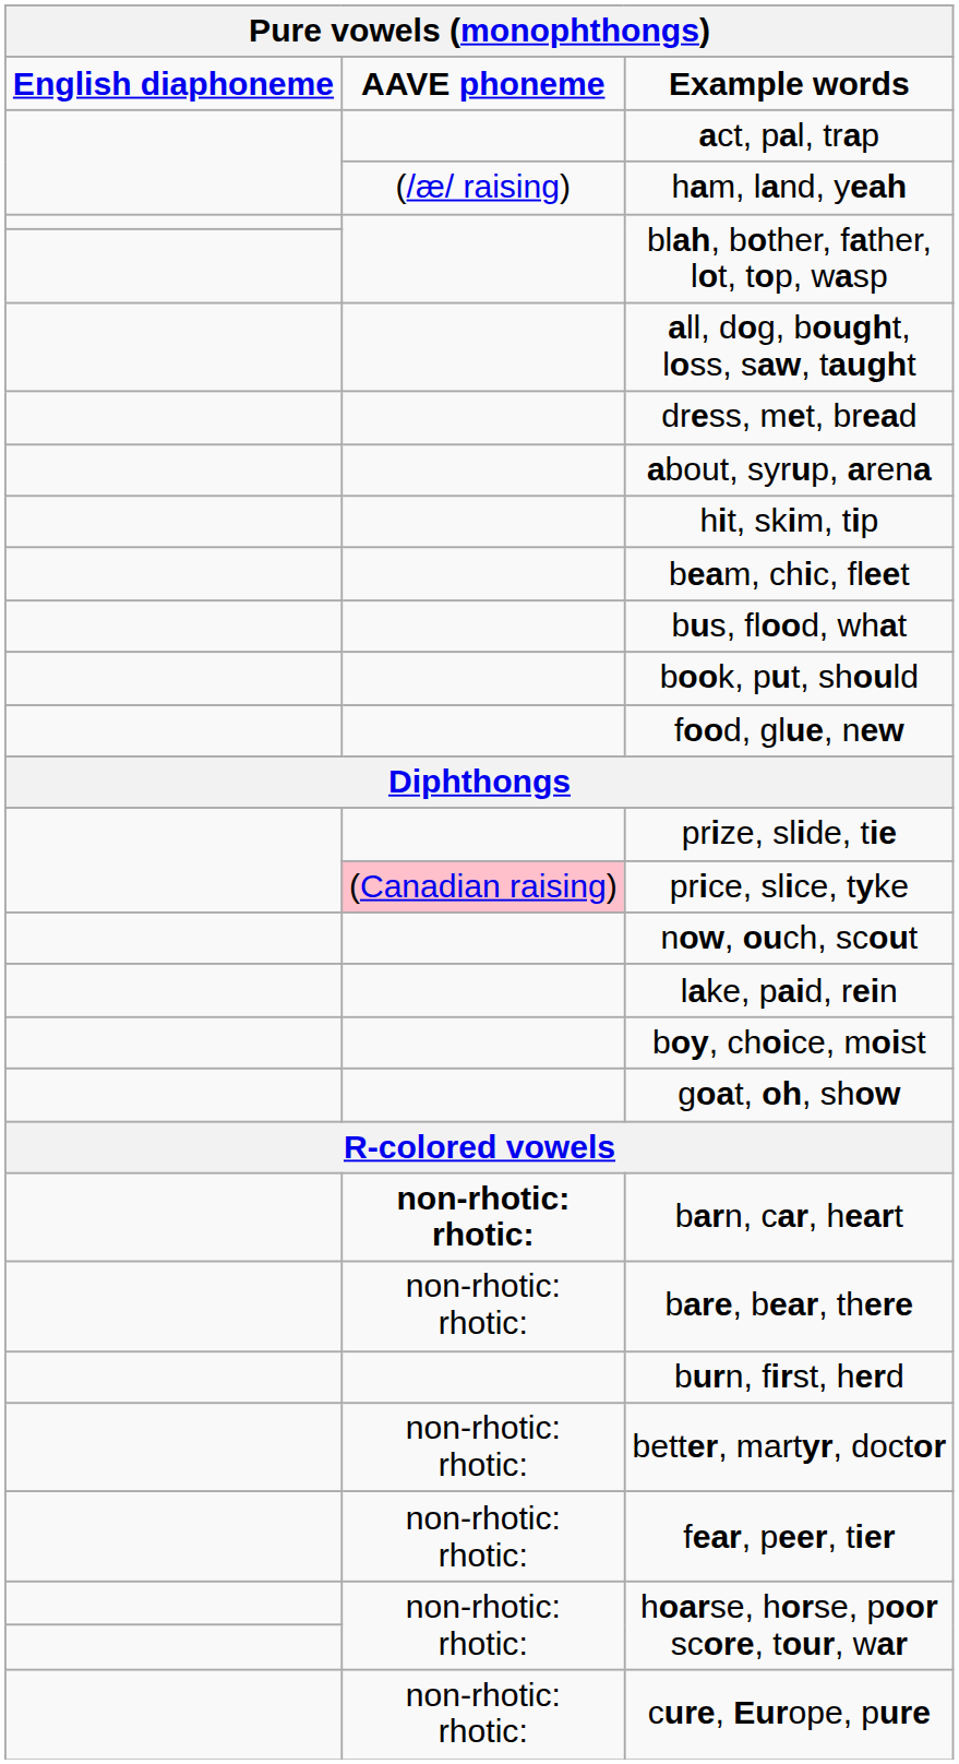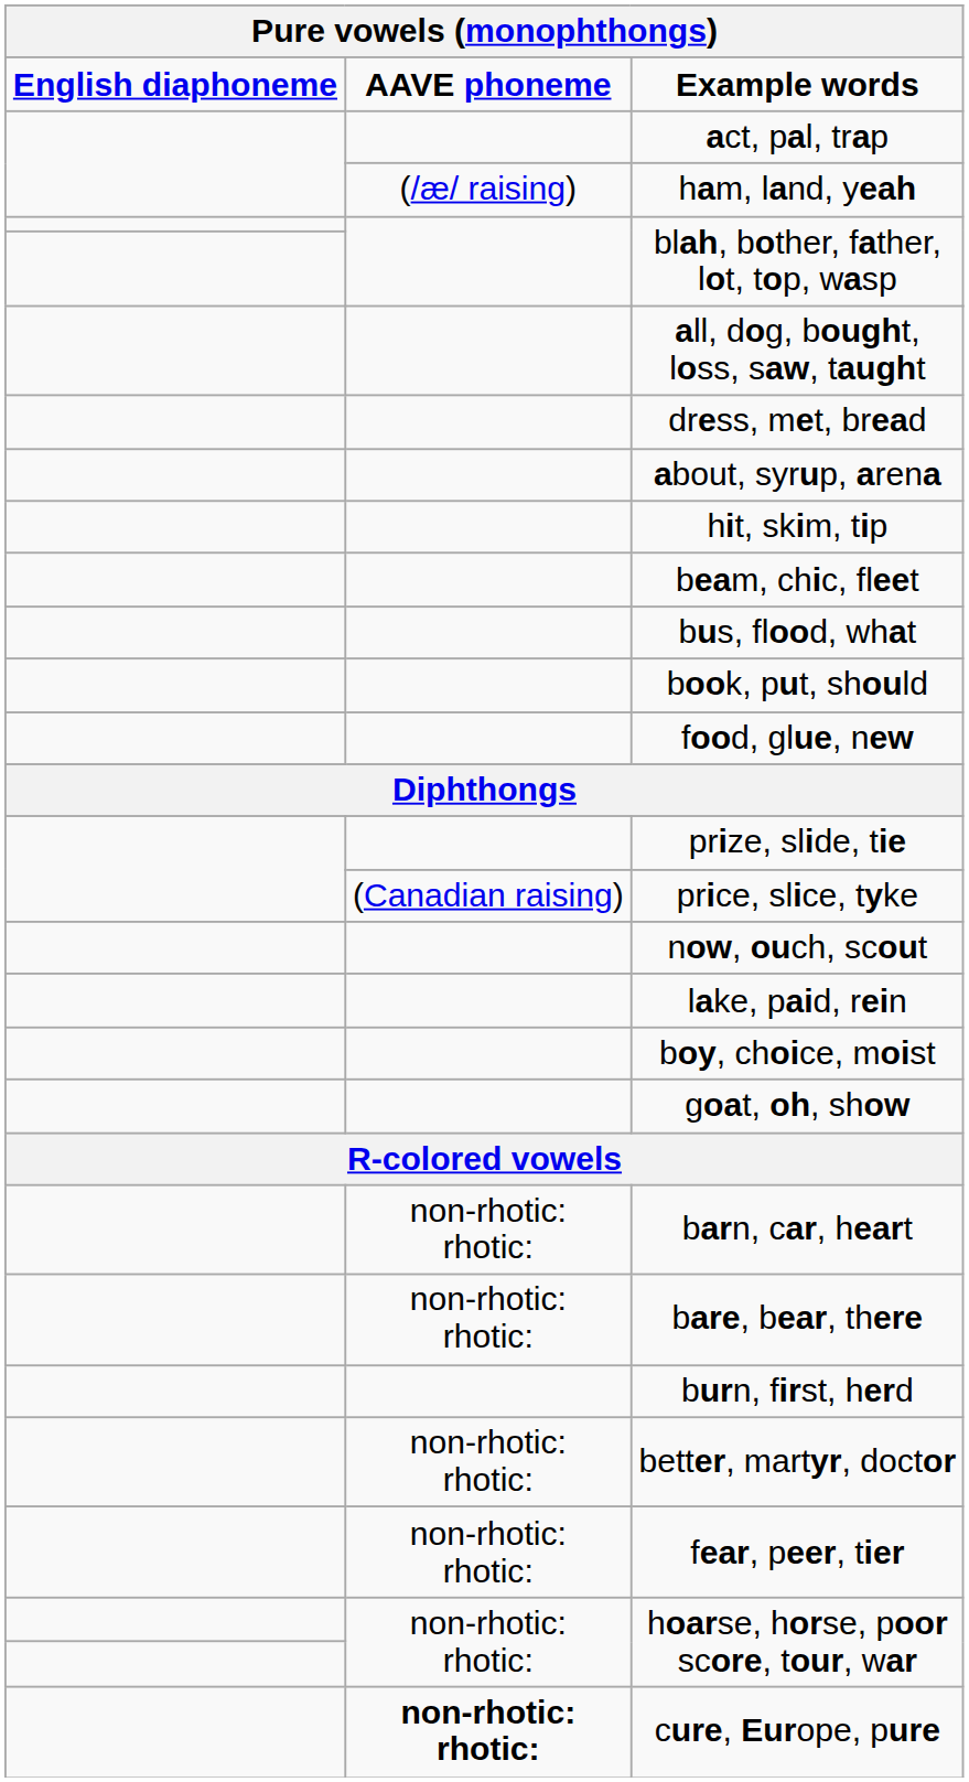 <table class="wikitable" style="text-align:center">
 <tr>
 <th colspan="3">Pure vowels (<a href='#'>monophthongs</a>)</th>
 </tr>
 <tr>
 <td><strong><a href='#'>English diaphoneme</a></strong></td>
 <td><strong>AAVE <a href='#'>phoneme</a></strong></td>
 <td><strong>Example words</strong></td>
 </tr>
 <tr>
 <td rowspan="2"></td>
 <td></td>
 <td><strong>a</strong>ct, p<strong>a</strong>l, tr<strong>a</strong>p</td>
 </tr>
 <tr>
 <td> (<a href='#'>/æ/ raising</a>)</td>
 <td>h<strong>a</strong>m, l<strong>a</strong>nd, y<strong>eah</strong></td>
 </tr>
 <tr>
 <td></td>
 <td rowspan="2"></td>
 <td rowspan="2">bl<strong>ah</strong>, b<strong>o</strong>ther, f<strong>a</strong>ther, <br>l<strong>o</strong>t, t<strong>o</strong>p, w<strong>a</strong>sp</td>
 </tr>
 <tr>
 <td rowspan="2"></td>
 </tr>
 <tr>
 <td rowspan="2"></td>
 <td rowspan="2"><strong>a</strong>ll, d<strong>o</strong>g, b<strong>ough</strong>t, <br>l<strong>o</strong>ss, s<strong>aw</strong>, t<strong>augh</strong>t</td>
 </tr>
 <tr>
 <td></td>
 </tr>
 <tr>
 <td></td>
 <td></td>
 <td>dr<strong>e</strong>ss, m<strong>e</strong>t, br<strong>ea</strong>d</td>
 </tr>
 <tr>
 <td></td>
 <td></td>
 <td><strong>a</strong>bout, syr<strong>u</strong>p, <strong>a</strong>ren<strong>a</strong></td>
 </tr>
 <tr>
 <td></td>
 <td></td>
 <td>h<strong>i</strong>t, sk<strong>i</strong>m, t<strong>i</strong>p</td>
 </tr>
 <tr>
 <td></td>
 <td></td>
 <td>b<strong>ea</strong>m, ch<strong>i</strong>c, fl<strong>ee</strong>t</td>
 </tr>
 <tr>
 <td></td>
 <td></td>
 <td>b<strong>u</strong>s, fl<strong>oo</strong>d, wh<strong>a</strong>t</td>
 </tr>
 <tr>
 <td></td>
 <td></td>
 <td>b<strong>oo</strong>k, p<strong>u</strong>t, sh<strong>ou</strong>ld</td>
 </tr>
 <tr>
 <td></td>
 <td></td>
 <td>f<strong>oo</strong>d, gl<strong>ue</strong>, n<strong>ew</strong></td>
 </tr>
 <tr>
 <th colspan="3"><a href='#'>Diphthongs</a></th>
 </tr>
 <tr>
 <td rowspan="2"></td>
 <td></td>
 <td>pr<strong>i</strong>ze, sl<strong>i</strong>de, t<strong>ie</strong></td>
 </tr>
 <tr>
-<td style="background: pink;"> (<a href='#'>Canadian raising</a>)</td>
+<td> (<a href='#'>Canadian raising</a>)</td>
 <td>pr<strong>i</strong>ce, sl<strong>i</strong>ce, t<strong>y</strong>ke</td>
 </tr>
 <tr>
 <td></td>
 <td></td>
 <td>n<strong>ow</strong>, <strong>ou</strong>ch, sc<strong>ou</strong>t</td>
 </tr>
 <tr>
 <td></td>
 <td></td>
 <td>l<strong>a</strong>ke, p<strong>ai</strong>d, r<strong>ei</strong>n</td>
 </tr>
 <tr>
 <td></td>
 <td></td>
 <td>b<strong>oy</strong>, ch<strong>oi</strong>ce, m<strong>oi</strong>st</td>
 </tr>
 <tr>
 <td></td>
 <td></td>
 <td>g<strong>oa</strong>t, <strong>oh</strong>, sh<strong>ow</strong></td>
 </tr>
 <tr>
 <th colspan="3"><a href='#'>R-colored vowels</a></th>
 </tr>
 <tr>
 <td></td>
-<td><strong>non-rhotic: <br>rhotic: </strong></td>
+<td>non-rhotic: <br>rhotic: </td>
 <td>b<strong>ar</strong>n, c<strong>ar</strong>, h<strong>ear</strong>t</td>
 </tr>
 <tr>
 <td></td>
 <td>non-rhotic: <br>rhotic: </td>
 <td>b<strong>are</strong>, b<strong>ear</strong>, th<strong>ere</strong></td>
 </tr>
 <tr>
 <td></td>
 <td></td>
 <td>b<strong>ur</strong>n, f<strong>ir</strong>st, h<strong>er</strong>d</td>
 </tr>
 <tr>
 <td></td>
 <td>non-rhotic: <br>rhotic: </td>
 <td>bett<strong>er</strong>, mart<strong>yr</strong>, doct<strong>or</strong></td>
 </tr>
 <tr>
 <td></td>
 <td>non-rhotic: <br>rhotic: </td>
 <td>f<strong>ear</strong>, p<strong>eer</strong>, t<strong>ier</strong></td>
 </tr>
 <tr>
 <td></td>
 <td rowspan="2">non-rhotic: <br>rhotic: </td>
 <td rowspan="2">h<strong>oar</strong>se, h<strong>or</strong>se, p<strong>oor</strong> <br> sc<strong>ore</strong>, t<strong>our</strong>, w<strong>ar</strong></td>
 </tr>
 <tr>
 <td></td>
 </tr>
 <tr>
 <td></td>
-<td>non-rhotic: <br>rhotic: </td>
+<td><strong>non-rhotic: <br>rhotic: </strong></td>
 <td>c<strong>ure</strong>, <strong>Eur</strong>ope, p<strong>ure</strong></td>
 </tr>
 </table>
